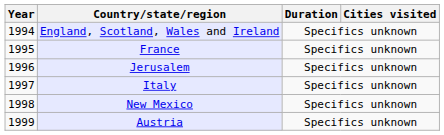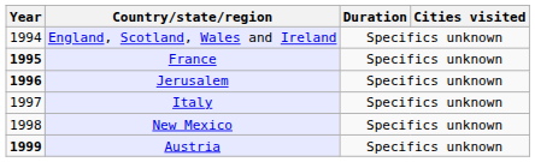 <table class="wikitable" style="margin:1em auto; text-align:center;">
 <tr>
 <th>Year</th>
 <th>Country/state/region</th>
 <th>Duration</th>
 <th>Cities visited</th>
 </tr>
 <tr>
 <td>1994</td>
 <td bgcolor="#e6e9ff"><a href='#'>England</a>, <a href='#'>Scotland</a>, <a href='#'>Wales</a> and <a href='#'>Ireland</a></td>
 <td colspan=3>Specifics unknown</td>
 </tr>
 <tr>
-<td>1995</td>
+<td><strong>1995</strong></td>
 <td bgcolor="#e6e9ff"><a href='#'>France</a></td>
 <td colspan=3>Specifics unknown</td>
 </tr>
 <tr>
-<td>1996</td>
+<td><strong>1996</strong></td>
 <td bgcolor="#e6e9ff"><a href='#'>Jerusalem</a></td>
 <td colspan=3>Specifics unknown</td>
 </tr>
 <tr>
 <td>1997</td>
 <td bgcolor="#e6e9ff"><a href='#'>Italy</a></td>
 <td colspan=3>Specifics unknown</td>
 </tr>
 <tr>
 <td>1998</td>
 <td bgcolor="#e6e9ff"><a href='#'>New Mexico</a></td>
 <td colspan=3>Specifics unknown</td>
 </tr>
 <tr>
-<td>1999</td>
+<td><strong>1999</strong></td>
 <td bgcolor="#e6e9ff"><a href='#'>Austria</a></td>
 <td colspan=3>Specifics unknown</td>
 </tr>
 </table>
